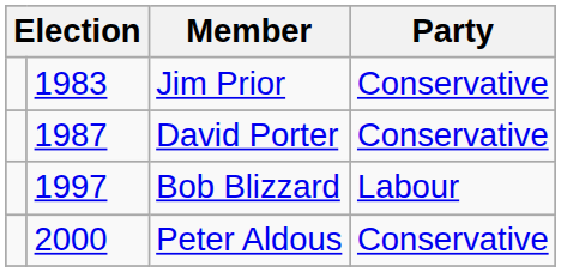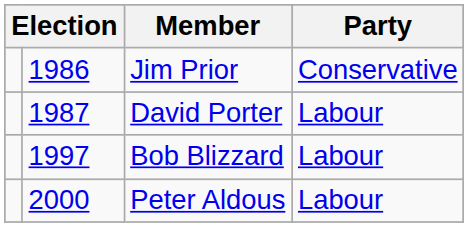 <table class="wikitable">
 <tr>
 <th colspan="2">Election</th>
 <th>Member</th>
 <th>Party</th>
 </tr>
 <tr>
 <td style="color:inherit;background-color: "></td>
-<td><a href='#'>1983</a></td>
+<td><a href='#'>1986</a></td>
 <td><a href='#'>Jim Prior</a></td>
 <td><a href='#'>Conservative</a></td>
 </tr>
 <tr>
 <td style="color:inherit;background-color: "></td>
 <td><a href='#'>1987</a></td>
 <td><a href='#'>David Porter</a></td>
-<td><a href='#'>Conservative</a></td>
+<td><a href='#'>Labour</a></td>
 </tr>
 <tr>
 <td style="color:inherit;background-color: "></td>
 <td><a href='#'>1997</a></td>
 <td><a href='#'>Bob Blizzard</a></td>
 <td><a href='#'>Labour</a></td>
 </tr>
 <tr>
 <td style="color:inherit;background-color: "></td>
 <td><a href='#'>2000</a></td>
 <td><a href='#'>Peter Aldous</a></td>
-<td><a href='#'>Conservative</a></td>
+<td><a href='#'>Labour</a></td>
 </tr>
 </table>
